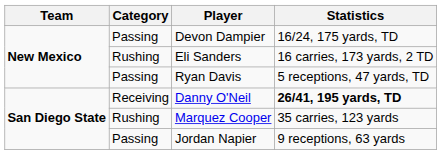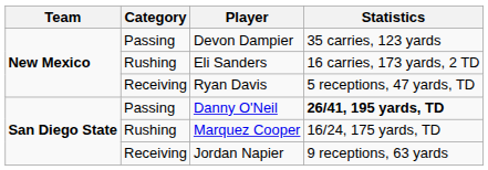 <table class="wikitable" style="float: right;">
 <tr>
 <th>Team</th>
 <th>Category</th>
 <th>Player</th>
 <th>Statistics</th>
 </tr>
 <tr>
 <td rowspan=3><strong>New Mexico</strong></td>
 <td>Passing</td>
 <td>Devon Dampier</td>
-<td>16/24, 175 yards, TD</td>
+<td>35 carries, 123 yards</td>
 </tr>
 <tr>
 <td>Rushing</td>
 <td>Eli Sanders</td>
 <td>16 carries, 173 yards, 2 TD</td>
 </tr>
 <tr>
-<td>Passing</td>
+<td>Receiving</td>
 <td>Ryan Davis</td>
 <td>5 receptions, 47 yards, TD</td>
 </tr>
 <tr>
 <td rowspan=3><strong>San Diego State</strong></td>
-<td>Receiving</td>
+<td>Passing</td>
 <td><a href='#'>Danny O'Neil</a></td>
 <td><strong>26/41, 195 yards, TD</strong></td>
 </tr>
 <tr>
 <td>Rushing</td>
 <td><a href='#'>Marquez Cooper</a></td>
-<td>35 carries, 123 yards</td>
+<td>16/24, 175 yards, TD</td>
 </tr>
 <tr>
-<td>Passing</td>
+<td>Receiving</td>
 <td>Jordan Napier</td>
 <td>9 receptions, 63 yards</td>
 </tr>
 </table>
